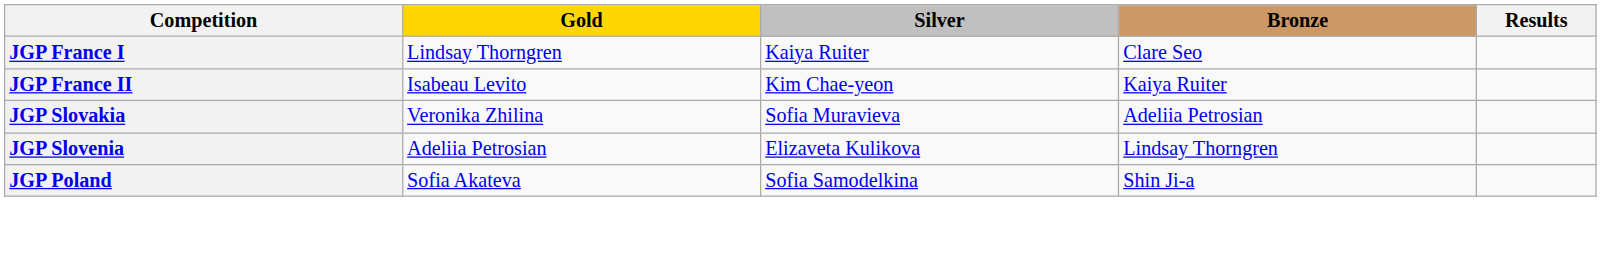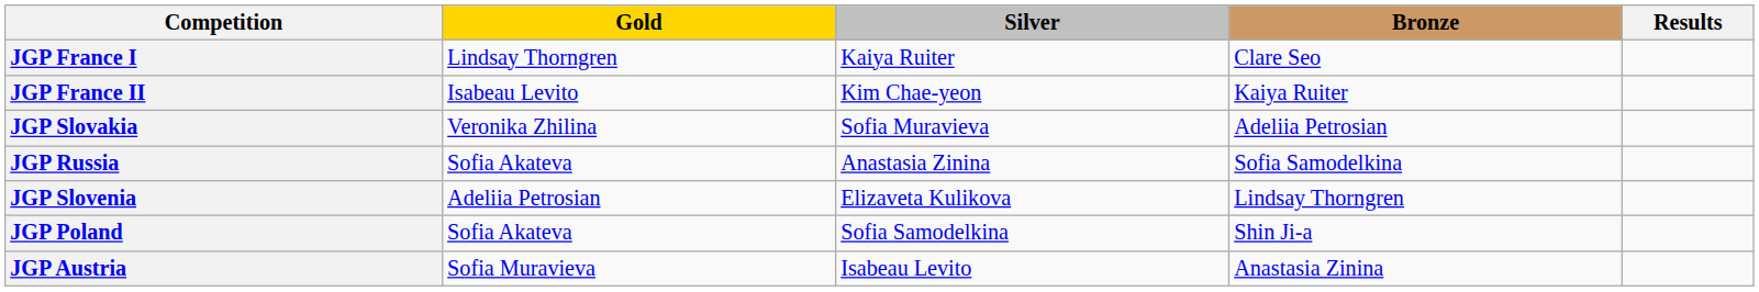 <table class="wikitable unsortable" style="text-align:left; width:100%;">
 <tr>
 <th scope="col" style="text-align:center; width:25%;">Competition</th>
 <td scope="col" style="text-align:center; width:22.5%; background:gold"><strong>Gold</strong></td>
 <td scope="col" style="text-align:center; width:22.5%; background:silver"><strong>Silver</strong></td>
 <td scope="col" style="text-align:center; width:22.5%; background:#c96"><strong>Bronze</strong></td>
 <th scope="col" style="text-align:center; width:7.5%;">Results</th>
 </tr>
 <tr>
 <th scope="row" style="text-align:left"> <a href='#'>JGP France I</a></th>
 <td> <a href='#'>Lindsay Thorngren</a></td>
 <td> <a href='#'>Kaiya Ruiter</a></td>
 <td> <a href='#'>Clare Seo</a></td>
 <td></td>
 </tr>
 <tr>
 <th scope="row" style="text-align:left"> <a href='#'>JGP France II</a></th>
 <td> <a href='#'>Isabeau Levito</a></td>
 <td> <a href='#'>Kim Chae-yeon</a></td>
 <td> <a href='#'>Kaiya Ruiter</a></td>
 <td></td>
 </tr>
 <tr>
 <th scope="row" style="text-align:left"> <a href='#'>JGP Slovakia</a></th>
 <td> <a href='#'>Veronika Zhilina</a></td>
 <td> <a href='#'>Sofia Muravieva</a></td>
 <td> <a href='#'>Adeliia Petrosian</a></td>
 <td></td>
 </tr>
 <tr>
+<th scope="row" style="text-align:left"> <a href='#'>JGP Russia</a></th>
+<td> <a href='#'>Sofia Akateva</a></td>
+<td> <a href='#'>Anastasia Zinina</a></td>
+<td> <a href='#'>Sofia Samodelkina</a></td>
+<td></td>
+</tr>
+<tr>
 <th scope="row" style="text-align:left"> <a href='#'>JGP Slovenia</a></th>
 <td> <a href='#'>Adeliia Petrosian</a></td>
 <td> <a href='#'>Elizaveta Kulikova</a></td>
 <td> <a href='#'>Lindsay Thorngren</a></td>
 <td></td>
 </tr>
 <tr>
 <th scope="row" style="text-align:left"> <a href='#'>JGP Poland</a></th>
 <td> <a href='#'>Sofia Akateva</a></td>
 <td> <a href='#'>Sofia Samodelkina</a></td>
 <td> <a href='#'>Shin Ji-a</a></td>
 <td></td>
 </tr>
+<tr>
+<th scope="row" style="text-align:left"> <a href='#'>JGP Austria</a></th>
+<td> <a href='#'>Sofia Muravieva</a></td>
+<td> <a href='#'>Isabeau Levito</a></td>
+<td> <a href='#'>Anastasia Zinina</a></td>
+<td></td>
+</tr>
 </table>
